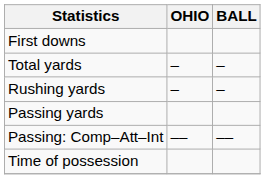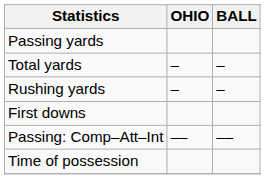 <table class="wikitable" style="float: left;">
 <tr>
 <th>Statistics</th>
 <th>OHIO</th>
 <th>BALL</th>
 </tr>
 <tr>
-<td>First downs</td>
+<td>Passing yards</td>
 <td></td>
 <td></td>
 </tr>
 <tr>
 <td>Total yards</td>
 <td>–</td>
 <td>–</td>
 </tr>
 <tr>
 <td>Rushing yards</td>
 <td>–</td>
 <td>–</td>
 </tr>
 <tr>
-<td>Passing yards</td>
+<td>First downs</td>
 <td></td>
 <td></td>
 </tr>
 <tr>
 <td>Passing: Comp–Att–Int</td>
 <td>––</td>
 <td>––</td>
 </tr>
 <tr>
 <td>Time of possession</td>
 <td></td>
 <td></td>
 </tr>
 <tr>
 </tr>
 </table>
